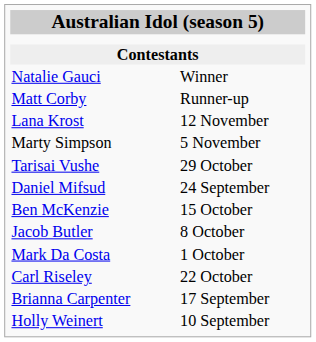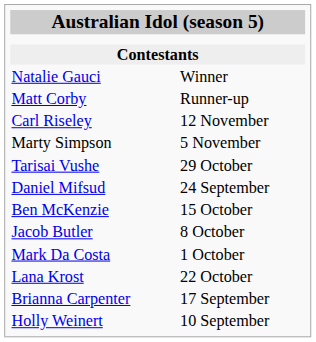 <table class=infobox style="width:19em">
 <tr>
 <td colspan=2 style="background:#cccccc; text-align:center"><big><strong>Australian Idol (season 5)</strong> </big></td>
 </tr>
 <tr>
 <td colspan=2 align="center"></td>
 </tr>
 <tr>
 <td colspan=2 align="center"></td>
 </tr>
 <tr>
 <td colspan=2 style="background:#eeeeee; text-align:center"><strong>Contestants</strong></td>
 </tr>
 <tr>
 <td><a href='#'>Natalie Gauci</a></td>
 <td>Winner</td>
 </tr>
 <tr>
 <td><a href='#'>Matt Corby</a></td>
 <td>Runner-up</td>
 </tr>
 <tr>
-<td><a href='#'>Lana Krost</a></td>
+<td><a href='#'>Carl Riseley</a></td>
 <td>12 November</td>
 </tr>
 <tr>
 <td>Marty Simpson</td>
 <td>5 November</td>
 </tr>
 <tr>
 <td><a href='#'>Tarisai Vushe</a></td>
 <td>29 October</td>
 </tr>
 <tr>
 <td><a href='#'>Daniel Mifsud</a></td>
 <td>24 September</td>
 </tr>
 <tr>
 <td><a href='#'>Ben McKenzie</a></td>
 <td>15 October</td>
 </tr>
 <tr>
 <td><a href='#'>Jacob Butler</a></td>
 <td>8 October</td>
 </tr>
 <tr>
 <td><a href='#'>Mark Da Costa</a></td>
 <td>1 October</td>
 </tr>
 <tr>
-<td><a href='#'>Carl Riseley</a></td>
+<td><a href='#'>Lana Krost</a></td>
 <td>22 October</td>
 </tr>
 <tr>
 <td><a href='#'>Brianna Carpenter</a></td>
 <td>17 September</td>
 </tr>
 <tr>
 <td><a href='#'>Holly Weinert</a></td>
 <td>10 September</td>
 </tr>
 </table>
